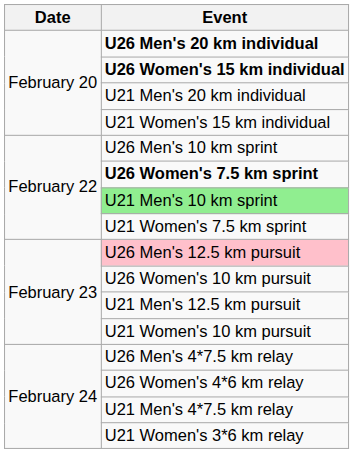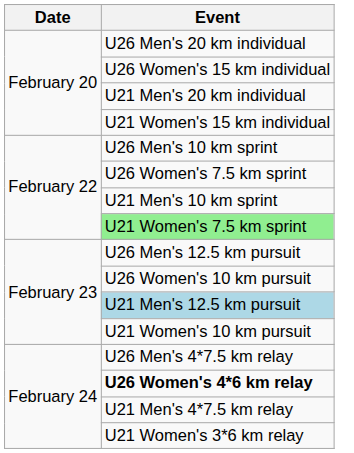 <table class="wikitable">
 <tr>
 <th>Date</th>
 <th>Event</th>
 </tr>
 <tr>
 <td rowspan=4>February 20</td>
-<td><strong>U26 Men's 20 km individual</strong></td>
+<td>U26 Men's 20 km individual</td>
 </tr>
 <tr>
-<td><strong>U26 Women's 15 km individual</strong></td>
+<td>U26 Women's 15 km individual</td>
 </tr>
 <tr>
 <td>U21 Men's 20 km individual</td>
 </tr>
 <tr>
 <td>U21 Women's 15 km individual</td>
 </tr>
 <tr>
 <td rowspan=4>February 22</td>
 <td>U26 Men's 10 km sprint</td>
 </tr>
 <tr>
-<td><strong>U26 Women's 7.5 km sprint</strong></td>
+<td>U26 Women's 7.5 km sprint</td>
 </tr>
 <tr>
-<td style="background: lightgreen;">U21 Men's 10 km sprint</td>
+<td>U21 Men's 10 km sprint</td>
 </tr>
 <tr>
-<td>U21 Women's 7.5 km sprint</td>
+<td style="background: lightgreen;">U21 Women's 7.5 km sprint</td>
 </tr>
 <tr>
 <td rowspan=4>February 23</td>
-<td style="background: pink;">U26 Men's 12.5 km pursuit</td>
+<td>U26 Men's 12.5 km pursuit</td>
 </tr>
 <tr>
 <td>U26 Women's 10 km pursuit</td>
 </tr>
 <tr>
-<td>U21 Men's 12.5 km pursuit</td>
+<td style="background: lightblue;">U21 Men's 12.5 km pursuit</td>
 </tr>
 <tr>
 <td>U21 Women's 10 km pursuit</td>
 </tr>
 <tr>
 <td rowspan=4>February 24</td>
 <td>U26 Men's 4*7.5 km relay</td>
 </tr>
 <tr>
-<td>U26 Women's 4*6 km relay</td>
+<td><strong>U26 Women's 4*6 km relay</strong></td>
 </tr>
 <tr>
 <td>U21 Men's 4*7.5 km relay</td>
 </tr>
 <tr>
 <td>U21 Women's 3*6 km relay</td>
 </tr>
 </table>
